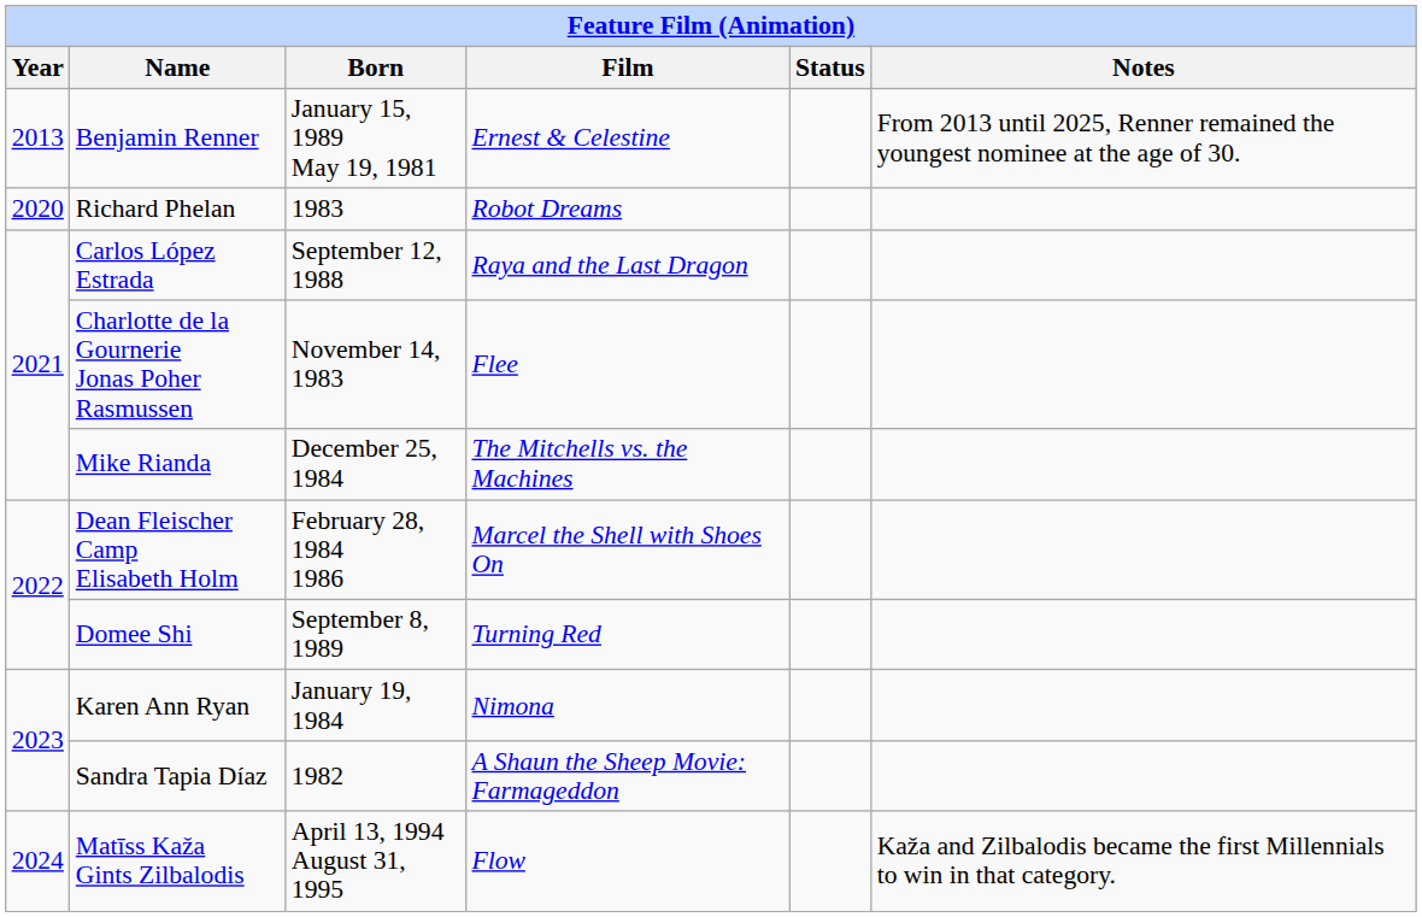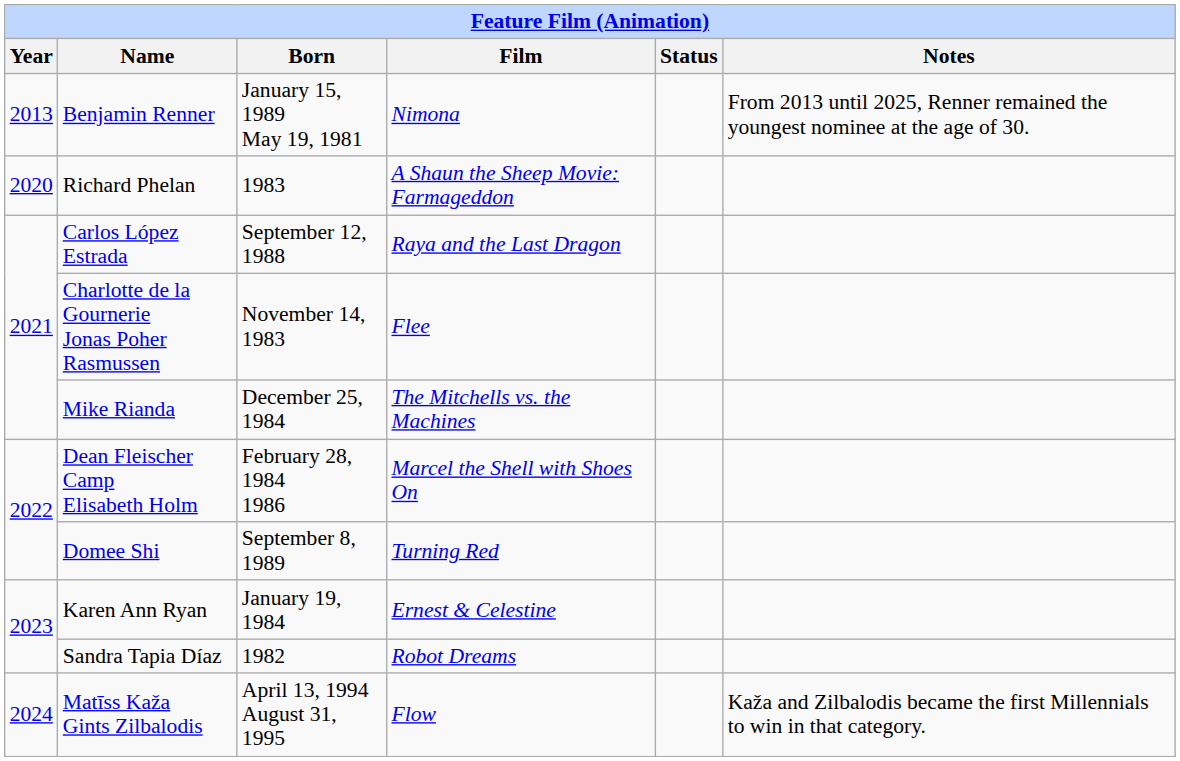 <table class="wikitable plainrowheaders">
 <tr style="background:#bfd7ff;">
 <td colspan="6" style="text-align:center;"><strong><a href='#'>Feature Film (Animation)</a></strong></td>
 </tr>
 <tr style="background:#ebf5ff;">
 <th>Year</th>
 <th>Name</th>
 <th>Born</th>
 <th>Film</th>
 <th>Status</th>
 <th>Notes</th>
 </tr>
 <tr>
 <td><a href='#'>2013</a><br></td>
 <td><a href='#'>Benjamin Renner</a></td>
 <td>January 15, 1989<br>May 19, 1981</td>
-<td><em><a href='#'>Ernest & Celestine</a></em></td>
+<td><em><a href='#'>Nimona</a></em></td>
 <td></td>
 <td>From 2013 until 2025, Renner remained the youngest nominee at the age of 30.</td>
 </tr>
 <tr>
 <td><a href='#'>2020</a><br></td>
 <td>Richard Phelan</td>
 <td>1983</td>
-<td><em><a href='#'>Robot Dreams</a></em></td>
+<td><em><a href='#'>A Shaun the Sheep Movie: Farmageddon</a></em></td>
 <td></td>
 <td></td>
 </tr>
 <tr>
 <td rowspan="3"><a href='#'>2021</a><br></td>
 <td><a href='#'>Carlos López Estrada</a></td>
 <td>September 12, 1988</td>
 <td><em><a href='#'>Raya and the Last Dragon</a></em></td>
 <td></td>
 <td></td>
 </tr>
 <tr>
 <td><a href='#'>Charlotte de la Gournerie</a><br><a href='#'>Jonas Poher Rasmussen</a></td>
 <td>November 14, 1983</td>
 <td><em><a href='#'>Flee</a></em></td>
 <td></td>
 <td></td>
 </tr>
 <tr>
 <td><a href='#'>Mike Rianda</a></td>
 <td>December 25, 1984</td>
 <td><em><a href='#'>The Mitchells vs. the Machines</a></em></td>
 <td></td>
 <td></td>
 </tr>
 <tr>
 <td rowspan="2"><a href='#'>2022</a><br></td>
 <td><a href='#'>Dean Fleischer Camp</a><br><a href='#'>Elisabeth Holm</a></td>
 <td>February 28, 1984<br>1986</td>
 <td><em><a href='#'>Marcel the Shell with Shoes On</a></em></td>
 <td></td>
 <td></td>
 </tr>
 <tr>
 <td><a href='#'>Domee Shi</a></td>
 <td>September 8, 1989</td>
 <td><em><a href='#'>Turning Red</a></em></td>
 <td></td>
 <td></td>
 </tr>
 <tr>
 <td rowspan="2"><a href='#'>2023</a><br></td>
 <td>Karen Ann Ryan</td>
 <td>January 19, 1984</td>
-<td><em><a href='#'>Nimona</a></em></td>
+<td><em><a href='#'>Ernest & Celestine</a></em></td>
 <td></td>
 <td></td>
 </tr>
 <tr>
 <td>Sandra Tapia Díaz</td>
 <td>1982</td>
-<td><em><a href='#'>A Shaun the Sheep Movie: Farmageddon</a></em></td>
+<td><em><a href='#'>Robot Dreams</a></em></td>
 <td></td>
 <td></td>
 </tr>
 <tr>
 <td><a href='#'>2024</a><br></td>
 <td><a href='#'>Matīss Kaža</a><br><a href='#'>Gints Zilbalodis</a></td>
 <td>April 13, 1994<br>August 31, 1995</td>
 <td><em><a href='#'>Flow</a></em></td>
 <td></td>
 <td>Kaža and Zilbalodis became the first Millennials to win in that category.</td>
 </tr>
 </table>
